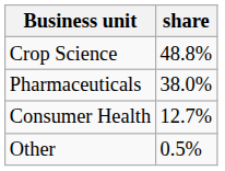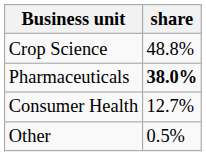 <table class="wikitable floatright">
 <tr>
 <th>Business unit</th>
 <th>share</th>
 </tr>
 <tr>
 <td>Crop Science</td>
 <td>48.8%</td>
 </tr>
 <tr>
 <td>Pharmaceuticals</td>
-<td>38.0%</td>
+<td><strong>38.0%</strong></td>
 </tr>
 <tr>
 <td>Consumer Health</td>
 <td>12.7%</td>
 </tr>
 <tr>
 <td>Other</td>
 <td>0.5%</td>
 </tr>
 </table>
